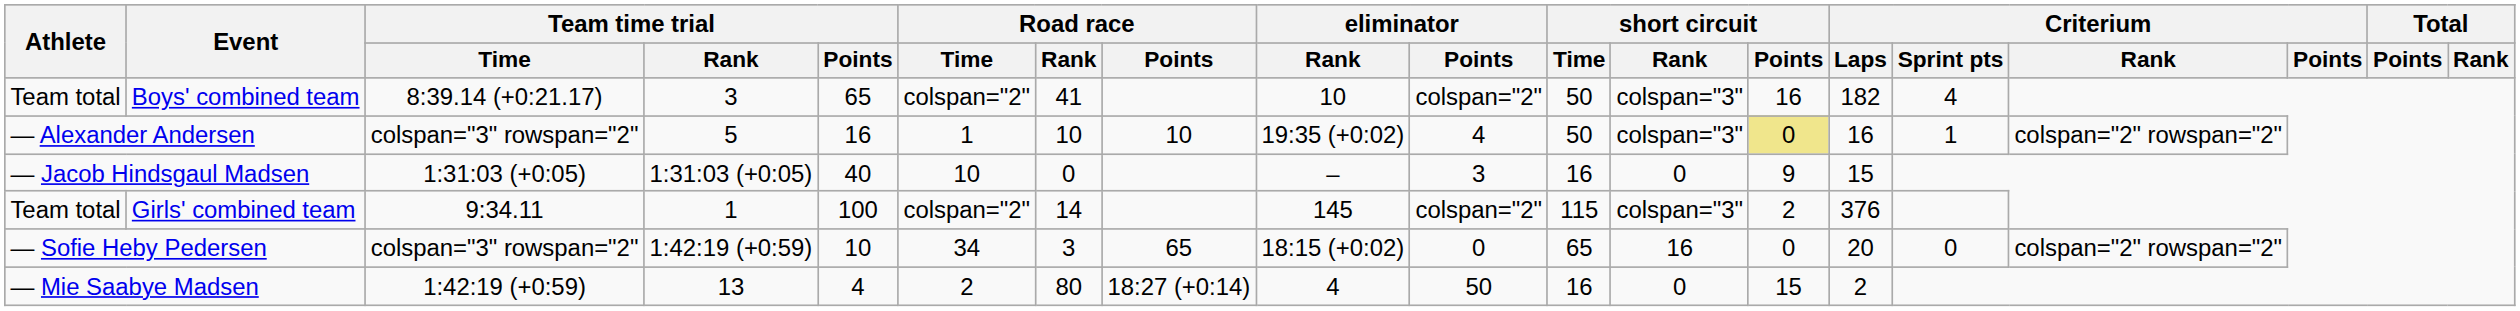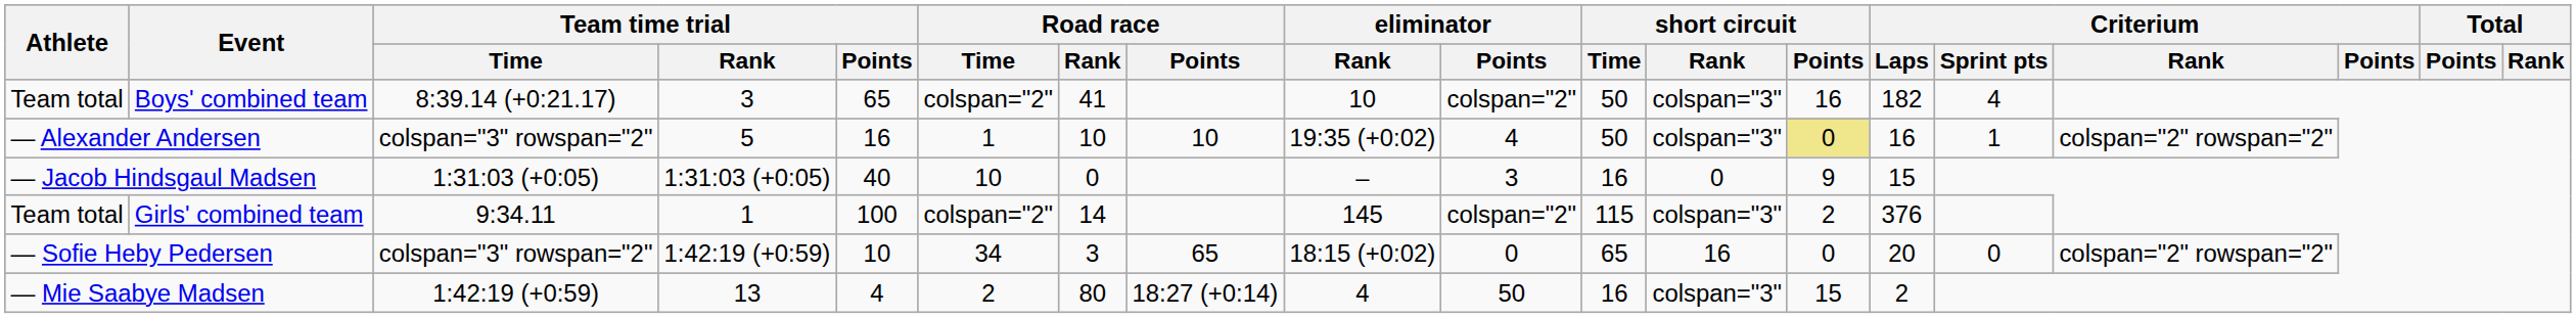 <table class="wikitable" style="text-align:center; font-size:90%;">
 <tr>
 <th rowspan="2">Athlete</th>
 <th rowspan="2">Event</th>
 <th colspan="3">Team time trial</th>
 <th colspan="3">Road race</th>
 <th colspan="2"> eliminator</th>
 <th colspan="3"> short circuit</th>
 <th colspan="4">Criterium</th>
 <th colspan="2">Total</th>
 </tr>
 <tr style="font-size:95%;">
 <th>Time</th>
 <th>Rank</th>
 <th>Points</th>
 <th>Time</th>
 <th>Rank</th>
 <th>Points</th>
 <th>Rank</th>
 <th>Points</th>
 <th>Time</th>
 <th>Rank</th>
 <th>Points</th>
 <th>Laps</th>
 <th>Sprint pts</th>
 <th>Rank</th>
 <th>Points</th>
 <th>Points</th>
 <th>Rank</th>
 </tr>
 <tr>
 <td style="text-align:left;">Team total</td>
 <td style="text-align:left;"><a href='#'>Boys' combined team</a></td>
 <td>8:39.14 (+0:21.17)</td>
 <td>3</td>
 <td>65</td>
 <td>colspan="2" </td>
 <td>41</td>
 <td></td>
 <td>10</td>
 <td>colspan="2" </td>
 <td>50</td>
 <td>colspan="3" </td>
 <td>16</td>
 <td>182</td>
 <td>4</td>
 </tr>
 <tr>
 <td colspan="2" style="text-align:left;">— <a href='#'>Alexander Andersen</a></td>
 <td>colspan="3" rowspan="2" </td>
 <td>5</td>
 <td>16</td>
 <td>1</td>
 <td>10</td>
 <td>10</td>
 <td>19:35 (+0:02)</td>
 <td>4</td>
 <td>50</td>
 <td>colspan="3" </td>
 <td style="background: khaki;">0</td>
 <td>16</td>
 <td>1</td>
 <td>colspan="2" rowspan="2" </td>
 </tr>
 <tr>
 <td colspan="2" style="text-align:left;">— <a href='#'>Jacob Hindsgaul Madsen</a></td>
 <td>1:31:03 (+0:05)</td>
 <td>1:31:03 (+0:05)</td>
 <td>40</td>
 <td>10</td>
 <td>0</td>
 <td></td>
 <td>–</td>
 <td>3</td>
 <td>16</td>
 <td>0</td>
 <td>9</td>
 <td>15</td>
 </tr>
 <tr>
 <td style="text-align:left;">Team total</td>
 <td style="text-align:left;"><a href='#'>Girls' combined team</a></td>
 <td>9:34.11</td>
 <td>1</td>
 <td>100</td>
 <td>colspan="2" </td>
 <td>14</td>
 <td></td>
 <td>145</td>
 <td>colspan="2" </td>
 <td>115</td>
 <td>colspan="3" </td>
 <td>2</td>
 <td>376</td>
 <td></td>
 </tr>
 <tr>
 <td colspan="2" style="text-align:left;">—  <a href='#'>Sofie Heby Pedersen</a></td>
 <td>colspan="3" rowspan="2" </td>
 <td>1:42:19 (+0:59)</td>
 <td>10</td>
 <td>34</td>
 <td>3</td>
 <td>65</td>
 <td>18:15 (+0:02)</td>
 <td>0</td>
 <td>65</td>
 <td>16</td>
 <td>0</td>
 <td>20</td>
 <td>0</td>
 <td>colspan="2" rowspan="2" </td>
 </tr>
 <tr>
 <td colspan="2" style="text-align:left;">—  <a href='#'>Mie Saabye Madsen</a></td>
 <td>1:42:19 (+0:59)</td>
 <td>13</td>
 <td>4</td>
 <td>2</td>
 <td>80</td>
 <td>18:27 (+0:14)</td>
 <td>4</td>
 <td>50</td>
 <td>16</td>
-<td>0</td>
+<td>colspan="3" </td>
 <td>15</td>
 <td>2</td>
 </tr>
 </table>
